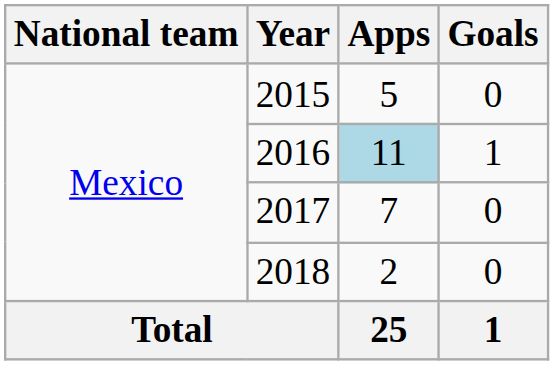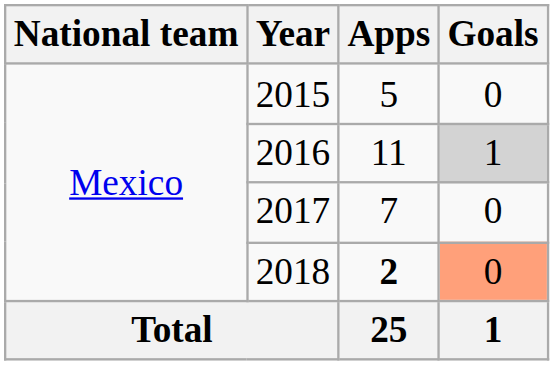 <table class="wikitable" style="text-align: center;">
 <tr>
 <th>National team</th>
 <th>Year</th>
 <th>Apps</th>
 <th>Goals</th>
 </tr>
 <tr>
 <td rowspan="4" valign="center"><a href='#'>Mexico</a></td>
 <td>2015</td>
 <td>5</td>
 <td>0</td>
 </tr>
 <tr>
 <td>2016</td>
-<td style="background: lightblue;">11</td>
-<td>1</td>
+<td>11</td>
+<td style="background: lightgrey;">1</td>
 </tr>
 <tr>
 <td>2017</td>
 <td>7</td>
 <td>0</td>
 </tr>
 <tr>
 <td>2018</td>
-<td>2</td>
-<td>0</td>
+<td><strong>2</strong></td>
+<td style="background: lightsalmon;">0</td>
 </tr>
 <tr>
 <th colspan="2">Total</th>
 <th>25</th>
 <th>1</th>
 </tr>
 </table>
